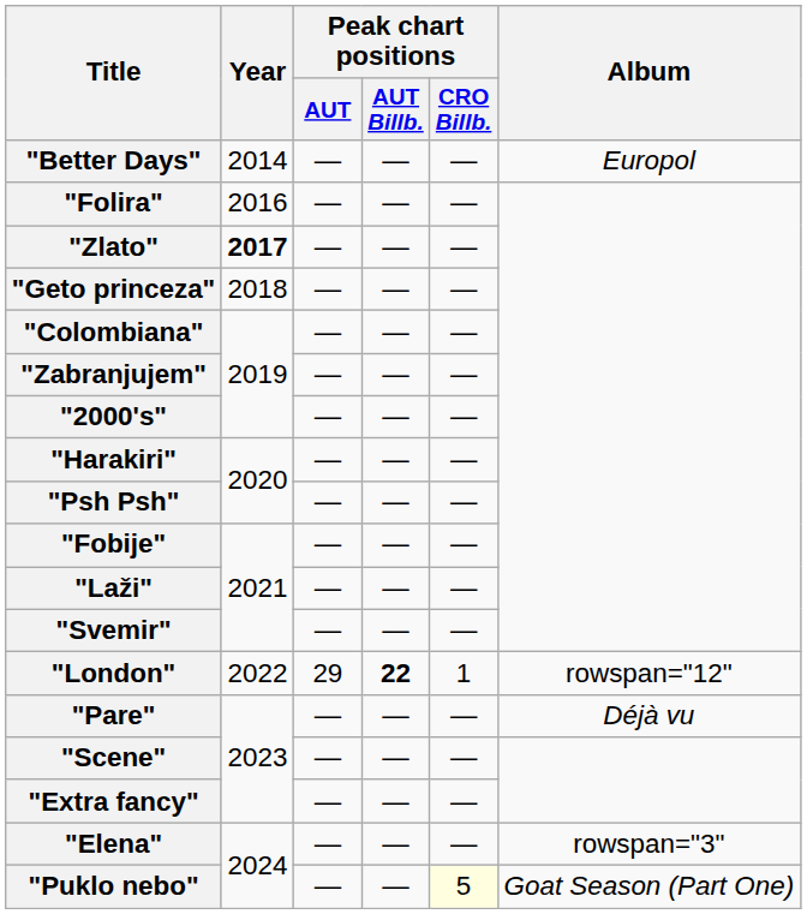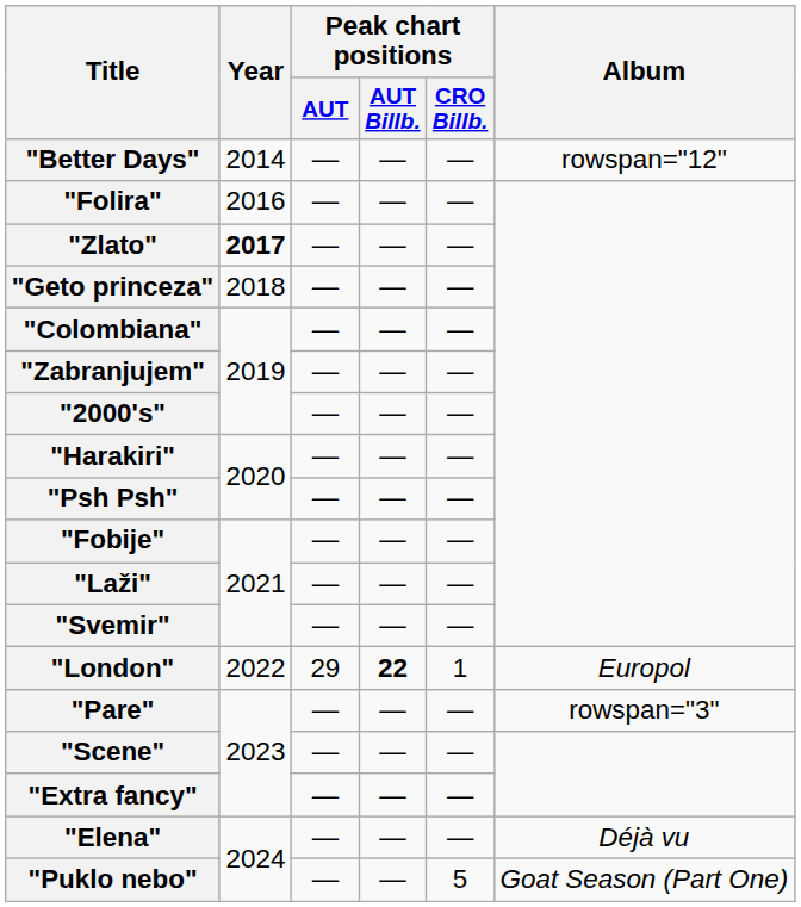 <table class="wikitable plainrowheaders" style="text-align:center;">
 <tr>
 <th scope="col" rowspan="2">Title</th>
 <th scope="col" rowspan="2">Year</th>
 <th scope="col" colspan="3">Peak chart positions</th>
 <th scope="col" rowspan="2">Album</th>
 </tr>
 <tr>
 <th style="width:2.5em; font-size:85%"><a href='#'>AUT</a><br></th>
 <th style="width:2.5em; font-size:85%"><a href='#'>AUT<br><em>Billb.</em></a><br></th>
 <th style="width:2.5em; font-size:85%"><a href='#'>CRO<br><em>Billb.</em></a><br></th>
 </tr>
 <tr>
 <th scope="row">"Better Days"</th>
 <td>2014</td>
 <td>—</td>
 <td>—</td>
 <td>—</td>
-<td><em>Europol</em></td>
+<td>rowspan="12" </td>
 </tr>
 <tr>
 <th scope="row">"Folira"<br></th>
 <td>2016</td>
 <td>—</td>
 <td>—</td>
 <td>—</td>
 </tr>
 <tr>
 <th scope="row">"Zlato"</th>
 <td><strong>2017</strong></td>
 <td>—</td>
 <td>—</td>
 <td>—</td>
 </tr>
 <tr>
 <th scope="row">"Geto princeza"</th>
 <td>2018</td>
 <td>—</td>
 <td>—</td>
 <td>—</td>
 </tr>
 <tr>
 <th scope="row">"Colombiana"<br></th>
 <td rowspan="3">2019</td>
 <td>—</td>
 <td>—</td>
 <td>—</td>
 </tr>
 <tr>
 <th scope="row">"Zabranjujem"</th>
 <td>—</td>
 <td>—</td>
 <td>—</td>
 </tr>
 <tr>
 <th scope="row">"2000's"</th>
 <td>—</td>
 <td>—</td>
 <td>—</td>
 </tr>
 <tr>
 <th scope="row">"Harakiri"</th>
 <td rowspan="2">2020</td>
 <td>—</td>
 <td>—</td>
 <td>—</td>
 </tr>
 <tr>
 <th scope="row">"Psh Psh"</th>
 <td>—</td>
 <td>—</td>
 <td>—</td>
 </tr>
 <tr>
 <th scope="row">"Fobije"</th>
 <td rowspan="3">2021</td>
 <td>—</td>
 <td>—</td>
 <td>—</td>
 </tr>
 <tr>
 <th scope="row">"Laži"</th>
 <td>—</td>
 <td>—</td>
 <td>—</td>
 </tr>
 <tr>
 <th scope="row">"Svemir"</th>
 <td>—</td>
 <td>—</td>
 <td>—</td>
 </tr>
 <tr>
 <th scope="row">"London"<br></th>
 <td>2022</td>
 <td>29</td>
 <td><strong>22</strong></td>
 <td>1</td>
-<td>rowspan="12" </td>
+<td><em>Europol</em></td>
 </tr>
 <tr>
 <th scope="row">"Pare"<br></th>
 <td rowspan="3">2023</td>
 <td>—</td>
 <td>—</td>
 <td>—</td>
-<td><em>Déjà vu</em></td>
+<td>rowspan="3" </td>
 </tr>
 <tr>
 <th scope="row">"Scene"<br></th>
 <td>—</td>
 <td>—</td>
 <td>—</td>
 </tr>
 <tr>
 <th scope="row">"Extra fancy"</th>
 <td>—</td>
 <td>—</td>
 <td>—</td>
 </tr>
 <tr>
 <th scope="row">"Elena"</th>
 <td rowspan="2">2024</td>
 <td>—</td>
 <td>—</td>
 <td>—</td>
-<td>rowspan="3" </td>
+<td><em>Déjà vu</em></td>
 </tr>
 <tr>
 <th scope="row">"Puklo nebo"<br></th>
 <td>—</td>
 <td>—</td>
-<td style="background: lightyellow;">5</td>
+<td>5</td>
 <td><em>Goat Season (Part One)</em></td>
 </tr>
 </table>
